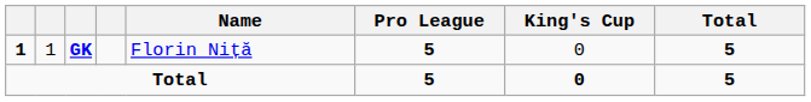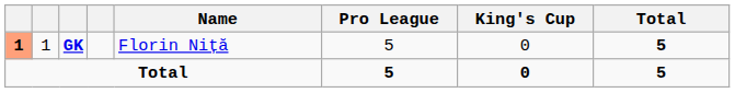 <table class="wikitable" style="text-align:center">
 <tr>
 <th width=15></th>
 <th width=15></th>
 <th width=15></th>
 <th width=15></th>
 <th width=155>Name</th>
 <th width=100>Pro League</th>
 <th width=100>King's Cup</th>
 <th width=100>Total</th>
 </tr>
 <tr>
-<td><strong>1</strong></td>
+<td style="background: lightsalmon;"><strong>1</strong></td>
 <td>1</td>
 <td><strong><a href='#'>GK</a></strong></td>
 <td></td>
 <td align=left><a href='#'>Florin Niță</a></td>
-<td><strong>5</strong></td>
+<td>5</td>
 <td>0</td>
 <td><strong>5</strong></td>
 </tr>
 <tr>
 <td colspan=5><strong>Total</strong></td>
 <td><strong>5</strong></td>
 <td><strong>0</strong></td>
 <td><strong>5</strong></td>
 </tr>
 </table>
